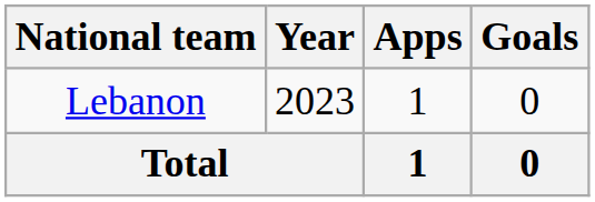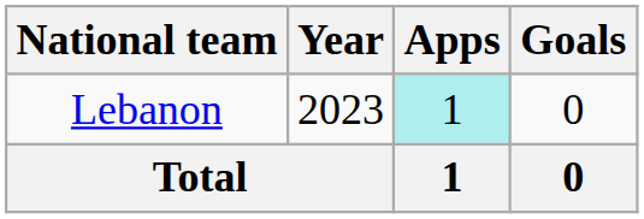 <table class="wikitable" style="text-align:center">
 <tr>
 <th>National team</th>
 <th>Year</th>
 <th>Apps</th>
 <th>Goals</th>
 </tr>
 <tr>
 <td rowspan="1"><a href='#'>Lebanon</a></td>
 <td>2023</td>
-<td>1</td>
+<td style="background: paleturquoise;">1</td>
 <td>0</td>
 </tr>
 <tr>
 <th colspan="2">Total</th>
 <th>1</th>
 <th>0</th>
 </tr>
 </table>
